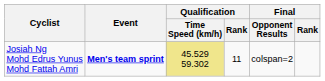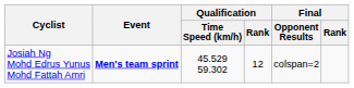 <table class="wikitable" style="font-size:90%">
 <tr>
 <th rowspan=2>Cyclist</th>
 <th rowspan=2>Event</th>
 <th colspan=2>Qualification</th>
 <th colspan=2>Final</th>
 </tr>
 <tr style="font-size:95%">
 <th>Time<br>Speed (km/h)</th>
 <th>Rank</th>
 <th>Opponent<br>Results</th>
 <th>Rank</th>
 </tr>
 <tr align=center>
 <td align=left><a href='#'>Josiah Ng</a><br><a href='#'>Mohd Edrus Yunus</a><br><a href='#'>Mohd Fattah Amri</a></td>
 <td align=left><strong><a href='#'>Men's team sprint</a></strong></td>
-<td style="background: khaki;">45.529<br>59.302</td>
-<td>11</td>
+<td>45.529<br>59.302</td>
+<td>12</td>
 <td>colspan=2 </td>
 </tr>
 </table>
